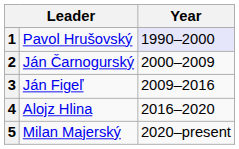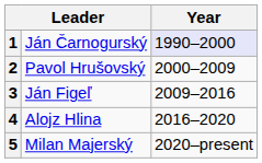 <table class="wikitable">
 <tr>
 <th colspan="2">Leader</th>
 <th>Year</th>
 </tr>
 <tr>
 <th style="background:">1</th>
-<td><a href='#'>Pavol Hrušovský</a></td>
+<td><a href='#'>Ján Čarnogurský</a></td>
 <td style="background: lavender;">1990–2000</td>
 </tr>
 <tr>
 <th style="background:">2</th>
-<td><a href='#'>Ján Čarnogurský</a></td>
+<td><a href='#'>Pavol Hrušovský</a></td>
 <td>2000–2009</td>
 </tr>
 <tr>
 <th style="background:">3</th>
 <td><a href='#'>Ján Figeľ</a></td>
 <td>2009–2016</td>
 </tr>
 <tr>
 <th style="background:">4</th>
 <td><a href='#'>Alojz Hlina</a></td>
 <td>2016–2020</td>
 </tr>
 <tr>
 <th style="background:">5</th>
 <td><a href='#'>Milan Majerský</a></td>
 <td>2020–present</td>
 </tr>
 </table>
